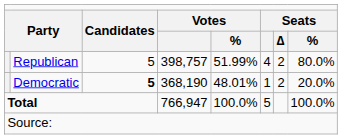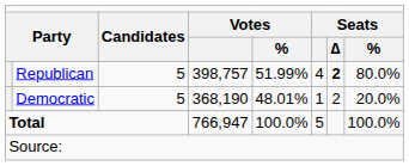 <table class="wikitable">
 <tr>
 <td colspan=15 align=center></td>
 </tr>
 <tr>
 <th rowspan="2" colspan="2">Party</th>
 <th rowspan="2">Candidates</th>
 <th colspan="2">Votes</th>
 <th colspan="3">Seats</th>
 </tr>
 <tr>
 <th></th>
 <th>%</th>
 <th></th>
 <th>∆</th>
 <th>%</th>
 </tr>
 <tr>
 <th style="background-color:"></th>
 <td><a href='#'>Republican</a></td>
 <td align="right">5</td>
 <td align="right">398,757</td>
 <td align="right">51.99%</td>
 <td align="right">4</td>
-<td align="right"> 2</td>
+<td align="right"><strong> 2</strong></td>
 <td align="right">80.0%</td>
 </tr>
 <tr>
 <th style="background-color:"></th>
 <td><a href='#'>Democratic</a></td>
-<td align="right"><strong>5</strong></td>
+<td align="right">5</td>
 <td align="right">368,190</td>
 <td align="right">48.01%</td>
 <td align="right">1</td>
 <td align="right"> 2</td>
 <td align="right">20.0%</td>
 </tr>
 <tr>
 <td colspan="3" align="left"><strong>Total</strong></td>
 <td align="right">766,947</td>
 <td align="right">100.0%</td>
 <td align="right">5</td>
 <td align="right"></td>
 <td align="right">100.0%</td>
 </tr>
 <tr>
 <td colspan="8">Source: </td>
 </tr>
 </table>
